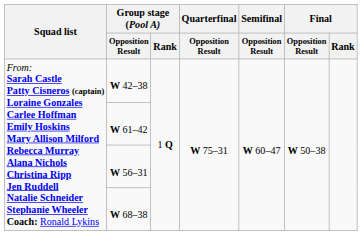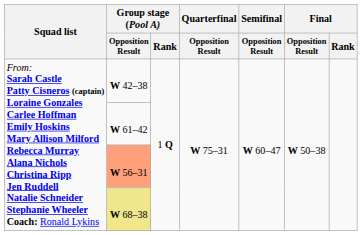 <table class=wikitable style="font-size:90%">
 <tr>
 <th rowspan="2">Squad list</th>
 <th colspan="2">Group stage<br>(<em>Pool A)</em></th>
 <th>Quarterfinal</th>
 <th>Semifinal<br></th>
 <th colspan="2">Final</th>
 </tr>
 <tr>
 <th style="line-height:1em"><small>Opposition<br>Result</small></th>
 <th>Rank</th>
 <th style="line-height:1em"><small>Opposition<br>Result</small></th>
 <th style="line-height:1em"><small>Opposition<br>Result</small></th>
 <th style="line-height:1em"><small>Opposition<br>Result</small></th>
 <th>Rank</th>
 </tr>
 <tr>
 <td rowspan="4"><em>From:</em><br><strong><a href='#'>Sarah Castle</a></strong> <br><strong><a href='#'>Patty Cisneros</a> <small>(captain)</small></strong> <br><strong><a href='#'>Loraine Gonzales</a></strong> <br><strong><a href='#'>Carlee Hoffman</a></strong> <br><strong><a href='#'>Emily Hoskins</a></strong> <br><strong><a href='#'>Mary Allison Milford</a></strong> <br><strong><a href='#'>Rebecca Murray</a></strong> <br><strong><a href='#'>Alana Nichols</a></strong> <br><strong><a href='#'>Christina Ripp</a></strong> <br><strong><a href='#'>Jen Ruddell</a></strong> <br><strong><a href='#'>Natalie Schneider</a></strong> <br><strong><a href='#'>Stephanie Wheeler</a></strong> <br><strong>Coach:</strong> <a href='#'>Ronald Lykins</a></td>
 <td align="center"><br> <strong>W</strong> 42–38</td>
 <td rowspan="4" align="center">1 <strong>Q</strong></td>
 <td rowspan="4" align="center"><br> <strong>W</strong> 75–31</td>
 <td rowspan="4" align="center"><br> <strong>W</strong> 60–47</td>
 <td rowspan="4" align="center"><br> <strong>W</strong> 50–38</td>
 <td rowspan="4" align="center"></td>
 </tr>
 <tr>
 <td align="center"><br> <strong>W</strong> 61–42</td>
 </tr>
 <tr>
-<td align="center"><br> <strong>W</strong> 56–31</td>
+<td align="center" style="background: lightsalmon;"><br> <strong>W</strong> 56–31</td>
 </tr>
 <tr>
-<td align="center"><br> <strong>W</strong> 68–38</td>
+<td align="center" style="background: khaki;"><br> <strong>W</strong> 68–38</td>
 </tr>
 </table>
